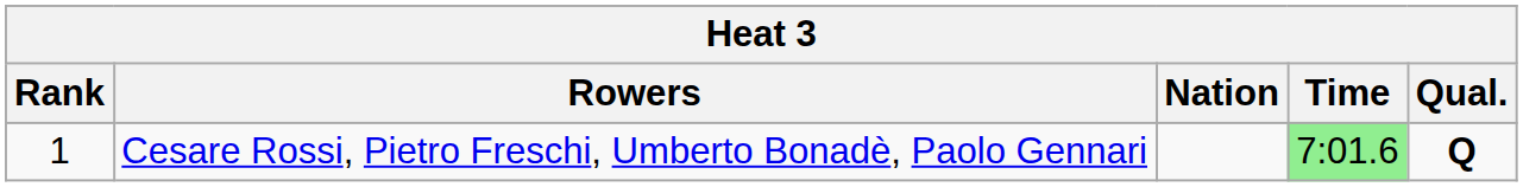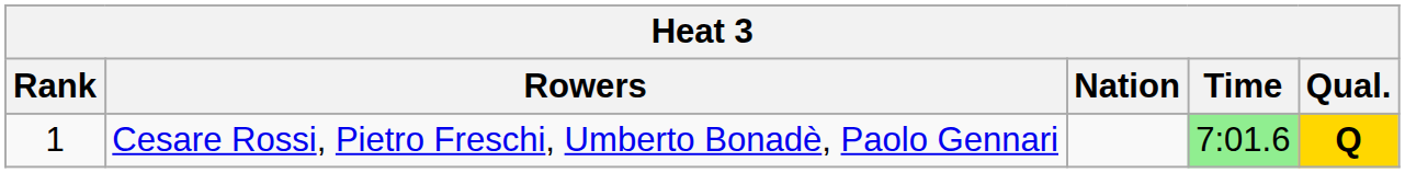 <table class="wikitable" style="text-align:center">
 <tr>
 <th colspan=5 align=center><strong>Heat 3</strong></th>
 </tr>
 <tr>
 <th>Rank</th>
 <th>Rowers</th>
 <th>Nation</th>
 <th>Time</th>
 <th>Qual.</th>
 </tr>
 <tr>
 <td>1</td>
 <td align=left><a href='#'>Cesare Rossi</a>, <a href='#'>Pietro Freschi</a>, <a href='#'>Umberto Bonadè</a>, <a href='#'>Paolo Gennari</a></td>
 <td align=left></td>
 <td style="background: lightgreen;">7:01.6</td>
-<td><strong>Q</strong></td>
+<td style="background: gold;"><strong>Q</strong></td>
 </tr>
 </table>
